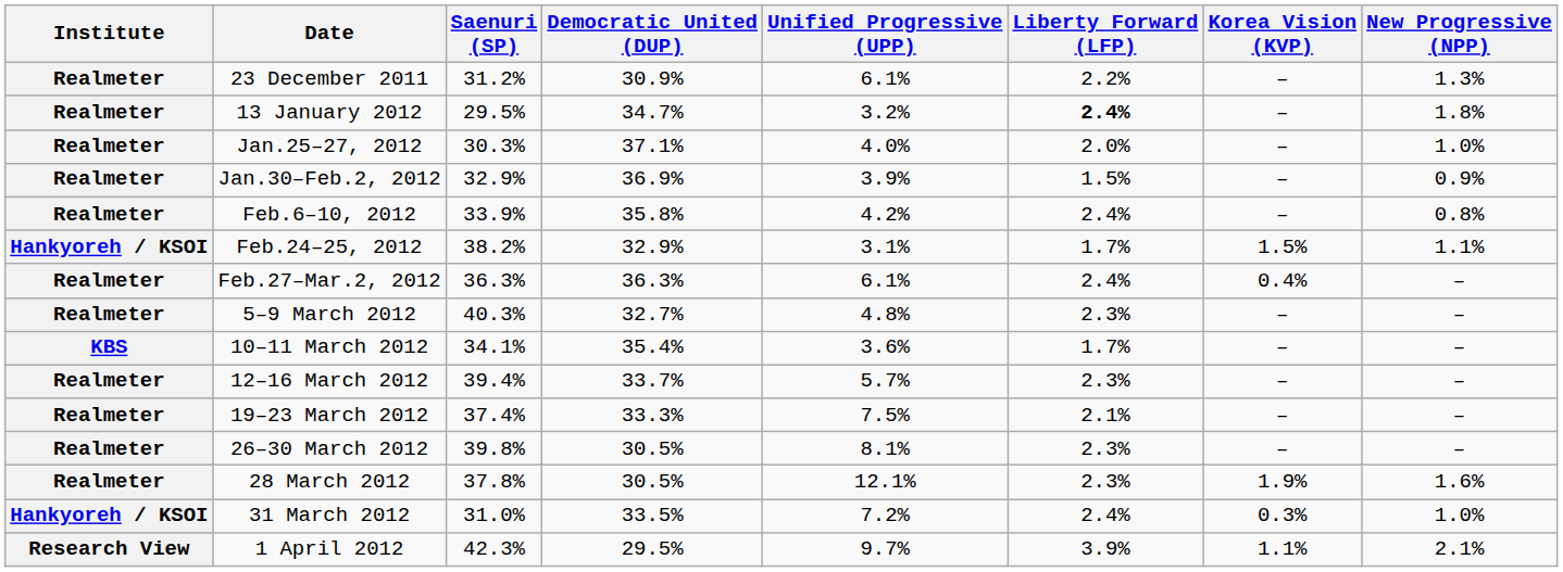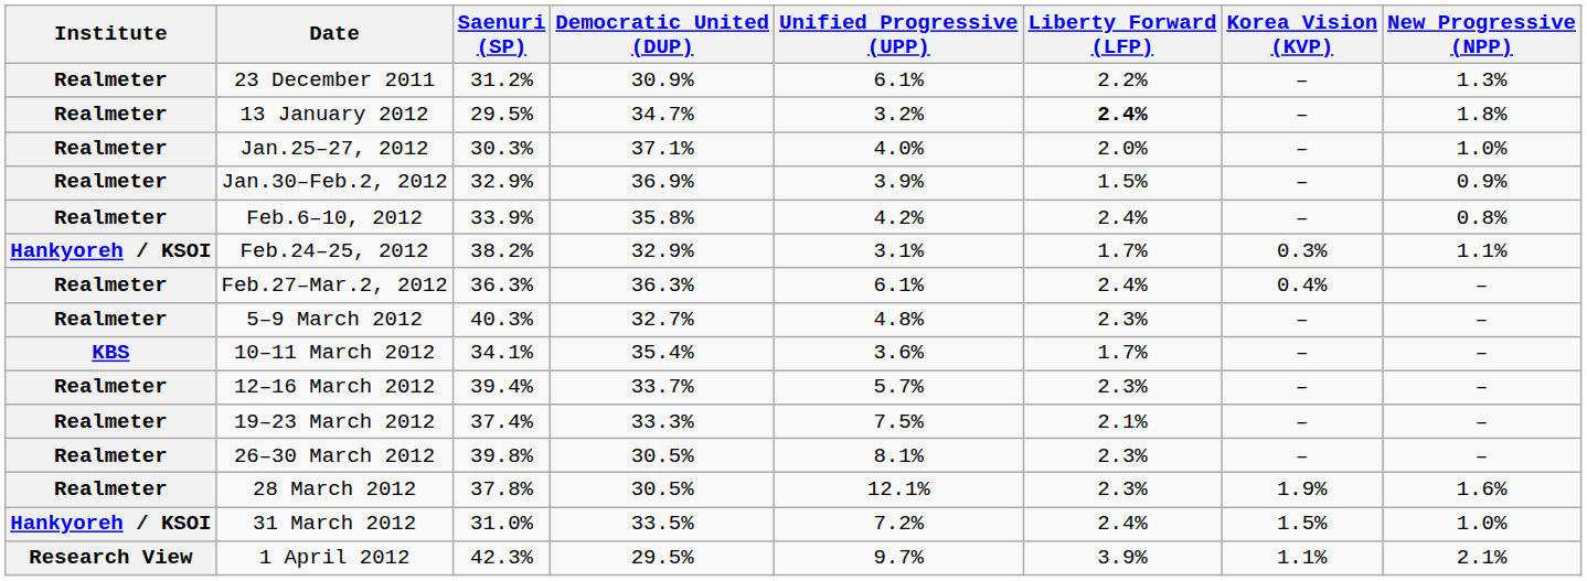 <table class="wikitable">
 <tr style="text-align:center;">
 <th>Institute</th>
 <th>Date</th>
 <th><a href='#'>Saenuri<br>(SP)</a></th>
 <th><a href='#'>Democratic United<br>(DUP)</a></th>
 <th><a href='#'>Unified Progressive<br>(UPP)</a></th>
 <th><a href='#'>Liberty Forward<br>(LFP)</a></th>
 <th><a href='#'>Korea Vision<br>(KVP)</a></th>
 <th><a href='#'>New Progressive<br>(NPP)</a></th>
 </tr>
 <tr style="text-align:center;">
 <th>Realmeter</th>
 <td>23 December 2011</td>
 <td style="background-color:">31.2%</td>
 <td>30.9%</td>
 <td>6.1%</td>
 <td>2.2%</td>
 <td>–</td>
 <td>1.3%</td>
 </tr>
 <tr style="text-align:center;">
 <th>Realmeter</th>
 <td>13 January 2012</td>
 <td>29.5%</td>
 <td style="background-color:">34.7%</td>
 <td>3.2%</td>
 <td><strong>2.4%</strong></td>
 <td>–</td>
 <td>1.8%</td>
 </tr>
 <tr style="text-align:center;">
 <th>Realmeter</th>
 <td>Jan.25–27, 2012</td>
 <td>30.3%</td>
 <td style="background-color:">37.1%</td>
 <td>4.0%</td>
 <td>2.0%</td>
 <td>–</td>
 <td>1.0%</td>
 </tr>
 <tr style="text-align:center;">
 <th>Realmeter</th>
 <td>Jan.30–Feb.2, 2012</td>
 <td>32.9%</td>
 <td style="background-color:">36.9%</td>
 <td>3.9%</td>
 <td>1.5%</td>
 <td>–</td>
 <td>0.9%</td>
 </tr>
 <tr style="text-align:center;">
 <th>Realmeter</th>
 <td>Feb.6–10, 2012</td>
 <td>33.9%</td>
 <td style="background-color:">35.8%</td>
 <td>4.2%</td>
 <td>2.4%</td>
 <td>–</td>
 <td>0.8%</td>
 </tr>
 <tr style="text-align:center;">
 <th><a href='#'>Hankyoreh</a> / KSOI</th>
 <td>Feb.24–25, 2012</td>
 <td style="background-color:">38.2%</td>
 <td>32.9%</td>
 <td>3.1%</td>
 <td>1.7%</td>
-<td>1.5%</td>
+<td>0.3%</td>
 <td>1.1%</td>
 </tr>
 <tr style="text-align:center;">
 <th>Realmeter</th>
 <td>Feb.27–Mar.2, 2012</td>
 <td style="background-color:">36.3%</td>
 <td style="background-color:">36.3%</td>
 <td>6.1%</td>
 <td>2.4%</td>
 <td>0.4%</td>
 <td>–</td>
 </tr>
 <tr style="text-align:center;">
 <th>Realmeter</th>
 <td>5–9 March 2012</td>
 <td style="background-color:">40.3%</td>
 <td>32.7%</td>
 <td>4.8%</td>
 <td>2.3%</td>
 <td>–</td>
 <td>–</td>
 </tr>
 <tr style="text-align:center;">
 <th><a href='#'>KBS</a></th>
 <td>10–11 March 2012</td>
 <td>34.1%</td>
 <td style="background-color:">35.4%</td>
 <td>3.6%</td>
 <td>1.7%</td>
 <td>–</td>
 <td>–</td>
 </tr>
 <tr style="text-align:center;">
 <th>Realmeter</th>
 <td>12–16 March 2012</td>
 <td style="background-color:">39.4%</td>
 <td>33.7%</td>
 <td>5.7%</td>
 <td>2.3%</td>
 <td>–</td>
 <td>–</td>
 </tr>
 <tr style="text-align:center;">
 <th>Realmeter</th>
 <td>19–23 March 2012</td>
 <td style="background-color:">37.4%</td>
 <td>33.3%</td>
 <td>7.5%</td>
 <td>2.1%</td>
 <td>–</td>
 <td>–</td>
 </tr>
 <tr style="text-align:center;">
 <th>Realmeter</th>
 <td>26–30 March 2012</td>
 <td style="background-color:">39.8%</td>
 <td>30.5%</td>
 <td>8.1%</td>
 <td>2.3%</td>
 <td>–</td>
 <td>–</td>
 </tr>
 <tr style="text-align:center;">
 <th>Realmeter</th>
 <td>28 March 2012</td>
 <td style="background-color:">37.8%</td>
 <td>30.5%</td>
 <td>12.1%</td>
 <td>2.3%</td>
 <td>1.9%</td>
 <td>1.6%</td>
 </tr>
 <tr style="text-align:center;">
 <th><a href='#'>Hankyoreh</a> / KSOI</th>
 <td>31 March 2012</td>
 <td style="background-color:">31.0%</td>
 <td>33.5%</td>
 <td>7.2%</td>
 <td>2.4%</td>
-<td>0.3%</td>
+<td>1.5%</td>
 <td>1.0%</td>
 </tr>
 <tr style="text-align:center;">
 <th>Research View</th>
 <td>1 April 2012</td>
 <td style="background-color:">42.3%</td>
 <td>29.5%</td>
 <td>9.7%</td>
 <td>3.9%</td>
 <td>1.1%</td>
 <td>2.1%</td>
 </tr>
 </table>
